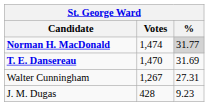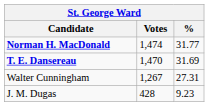 <table class="wikitable">
 <tr>
 <th colspan="3"><a href='#'>St. George Ward</a></th>
 </tr>
 <tr>
 <th style="width: 200px">Candidate</th>
 <th style="width: 50px">Votes</th>
 <th style="width: 40px">%</th>
 </tr>
 <tr>
 <td><strong><a href='#'>Norman H. MacDonald</a></strong></td>
 <td>1,474</td>
-<td style="background: lightgrey;">31.77</td>
+<td>31.77</td>
 </tr>
 <tr>
 <td><strong><a href='#'>T. E. Dansereau</a></strong></td>
 <td>1,470</td>
 <td>31.69</td>
 </tr>
 <tr>
 <td>Walter Cunningham</td>
 <td>1,267</td>
 <td>27.31</td>
 </tr>
 <tr>
 <td>J. M. Dugas</td>
 <td>428</td>
 <td>9.23</td>
 </tr>
 </table>
